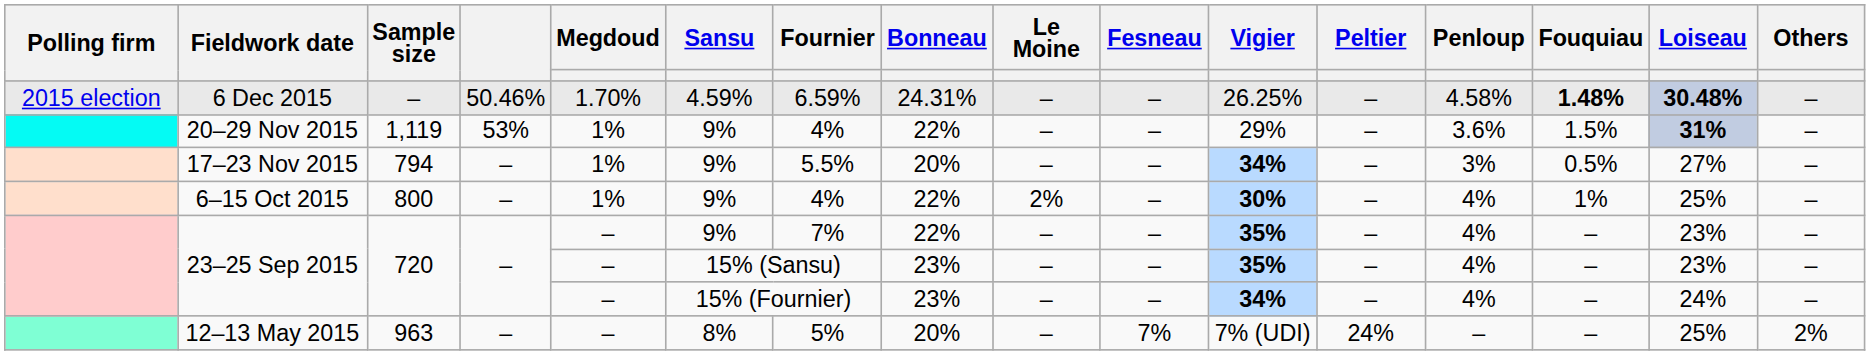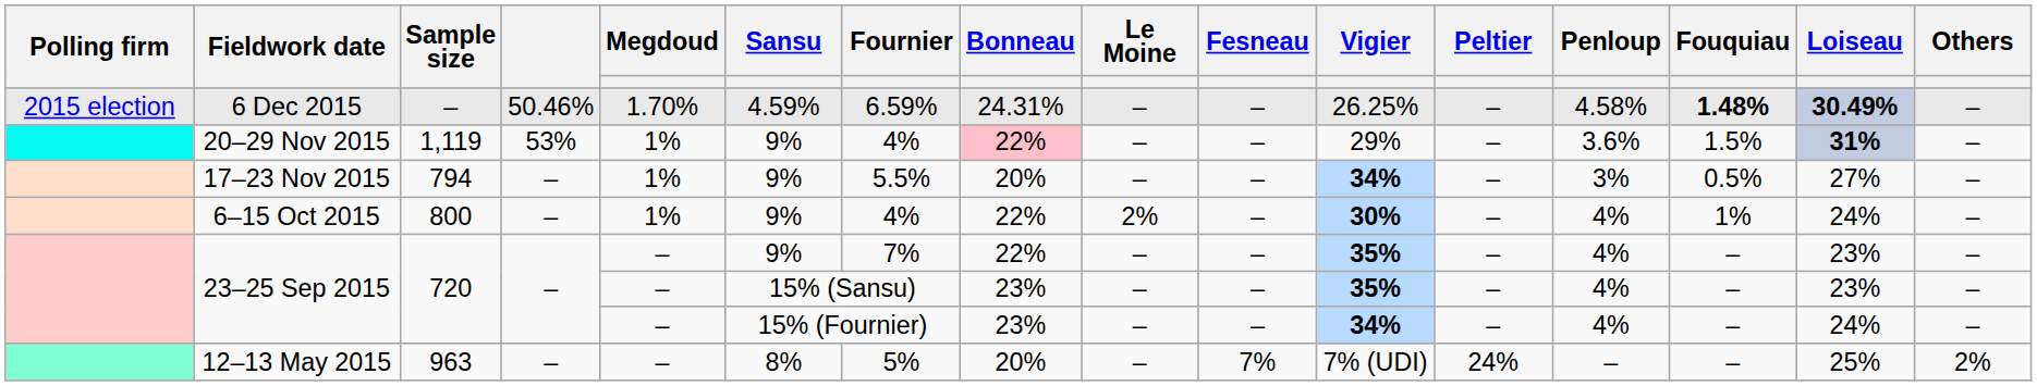 <table class="wikitable sortable" style="text-align:center;font-size:90%;line-height:14px;">
 <tr style="height:40px;">
 <th style="width:100px;" rowspan="2">Polling firm</th>
 <th style="width:110px;" rowspan="2">Fieldwork date</th>
 <th style="width:35px;" rowspan="2">Sample<br>size</th>
 <th style="width:30px;" rowspan="2"></th>
 <th class="unsortable" style="width:60px;">Megdoud<br></th>
 <th class="unsortable" style="width:60px;"><a href='#'>Sansu</a><br></th>
 <th class="unsortable" style="width:60px;">Fournier<br></th>
 <th class="unsortable" style="width:60px;"><a href='#'>Bonneau</a><br></th>
 <th class="unsortable" style="width:60px;">Le Moine<br></th>
 <th class="unsortable" style="width:60px;"><a href='#'>Fesneau</a><br></th>
 <th class="unsortable" style="width:60px;"><a href='#'>Vigier</a><br></th>
 <th class="unsortable" style="width:60px;"><a href='#'>Peltier</a><br></th>
 <th class="unsortable" style="width:60px;">Penloup<br></th>
 <th class="unsortable" style="width:60px;">Fouquiau<br></th>
 <th class="unsortable" style="width:60px;"><a href='#'>Loiseau</a><br></th>
 <th class="unsortable" style="width:60px;">Others</th>
 </tr>
 <tr>
 <th style="background:"></th>
 <th style="background:"></th>
 <th style="background:"></th>
 <th style="background:"></th>
 <th style="background:"></th>
 <th style="background:"></th>
 <th style="background:"></th>
 <th style="background:"></th>
 <th style="background:"></th>
 <th style="background:"></th>
 <th style="background:"></th>
 <th style="background:"></th>
 </tr>
 <tr style="background:#E9E9E9;">
 <td><a href='#'>2015 election</a></td>
 <td data-sort-value="2015-12-06">6 Dec 2015</td>
 <td>–</td>
 <td>50.46%</td>
 <td>1.70%</td>
 <td>4.59%</td>
 <td>6.59%</td>
 <td>24.31%</td>
 <td>–</td>
 <td>–</td>
 <td>26.25%</td>
 <td>–</td>
 <td>4.58%</td>
 <td><strong>1.48%</strong></td>
-<td style="background:#C1CCE1;"><strong>30.48%</strong></td>
+<td style="background:#C1CCE1;"><strong>30.49%</strong></td>
 <td>–</td>
 </tr>
 <tr>
 <td style="background:#04FBF4;"></td>
 <td data-sort-value="2015-11-29">20–29 Nov 2015</td>
 <td>1,119</td>
 <td>53%</td>
 <td>1%</td>
 <td>9%</td>
 <td>4%</td>
-<td>22%</td>
+<td style="background: pink;">22%</td>
 <td>–</td>
 <td>–</td>
 <td>29%</td>
 <td>–</td>
 <td>3.6%</td>
 <td>1.5%</td>
 <td style="background:#C1CCE1;"><strong>31%</strong></td>
 <td>–</td>
 </tr>
 <tr>
 <td style="background:#FFDFCC;"></td>
 <td data-sort-value="2015-11-23">17–23 Nov 2015</td>
 <td>794</td>
 <td>–</td>
 <td>1%</td>
 <td>9%</td>
 <td>5.5%</td>
 <td>20%</td>
 <td>–</td>
 <td>–</td>
 <td style="background:#B9DAFF;"><strong>34%</strong></td>
 <td>–</td>
 <td>3%</td>
 <td>0.5%</td>
 <td>27%</td>
 <td>–</td>
 </tr>
 <tr>
 <td style="background:#FFDFCC;"></td>
 <td data-sort-value="2015-10-15">6–15 Oct 2015</td>
 <td>800</td>
 <td>–</td>
 <td>1%</td>
 <td>9%</td>
 <td>4%</td>
 <td>22%</td>
 <td>2%</td>
 <td>–</td>
 <td style="background:#B9DAFF;"><strong>30%</strong></td>
 <td>–</td>
 <td>4%</td>
 <td>1%</td>
-<td>25%</td>
+<td>24%</td>
 <td>–</td>
 </tr>
 <tr>
 <td rowspan="3" style="background:#FFCCCC;"></td>
 <td rowspan="3" data-sort-value="2015-09-25">23–25 Sep 2015</td>
 <td rowspan="3">720</td>
 <td rowspan="3">–</td>
 <td>–</td>
 <td>9%</td>
 <td>7%</td>
 <td>22%</td>
 <td>–</td>
 <td>–</td>
 <td style="background:#B9DAFF;"><strong>35%</strong></td>
 <td>–</td>
 <td>4%</td>
 <td>–</td>
 <td>23%</td>
 <td>–</td>
 </tr>
 <tr>
 <td>–</td>
 <td colspan="2">15% (Sansu)</td>
 <td>23%</td>
 <td>–</td>
 <td>–</td>
 <td style="background:#B9DAFF;"><strong>35%</strong></td>
 <td>–</td>
 <td>4%</td>
 <td>–</td>
 <td>23%</td>
 <td>–</td>
 </tr>
 <tr>
 <td>–</td>
 <td colspan="2">15% (Fournier)</td>
 <td>23%</td>
 <td>–</td>
 <td>–</td>
 <td style="background:#B9DAFF;"><strong>34%</strong></td>
 <td>–</td>
 <td>4%</td>
 <td>–</td>
 <td>24%</td>
 <td>–</td>
 </tr>
 <tr>
 <td style="background:aquamarine;"></td>
 <td data-sort-value="2015-05-13">12–13 May 2015</td>
 <td>963</td>
 <td>–</td>
 <td>–</td>
 <td>8%</td>
 <td>5%</td>
 <td>20%</td>
 <td>–</td>
 <td>7%</td>
 <td>7% (UDI)</td>
 <td>24%</td>
 <td>–</td>
 <td>–</td>
 <td>25%</td>
 <td>2%</td>
 </tr>
 </table>
